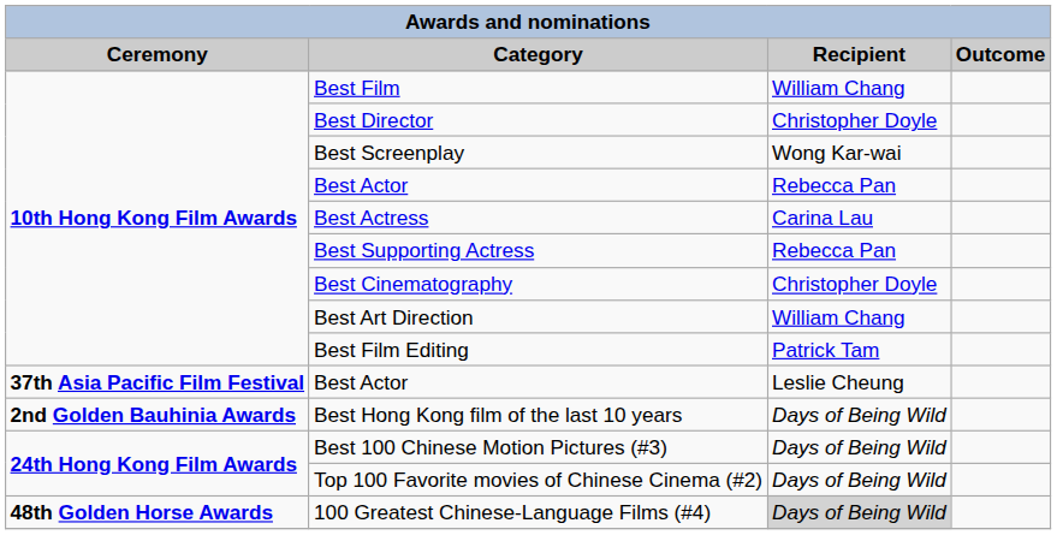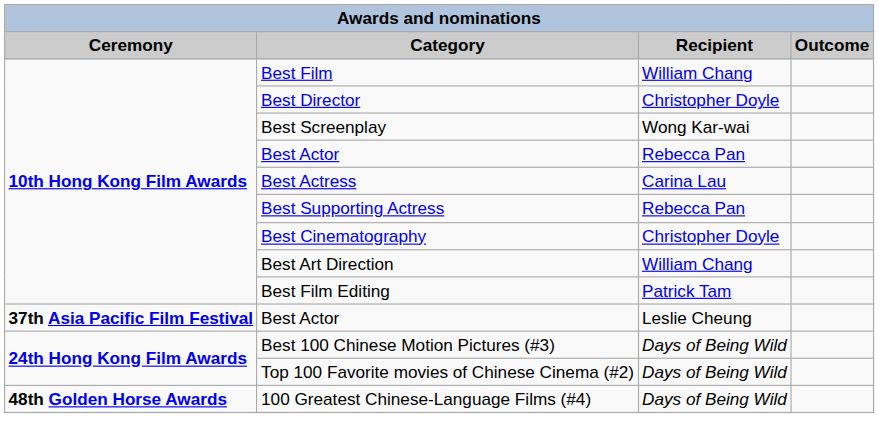 <table class="wikitable" style="font-size:95%;" ;>
 <tr style="background:#ccc; text-align:center;">
 <th colspan="4" style="background: LightSteelBlue;">Awards and nominations</th>
 </tr>
 <tr style="background:#ccc; text-align:center;">
 <th style="background:#ccc">Ceremony</th>
 <th style="background:#ccc">Category</th>
 <th style="background:#ccc">Recipient</th>
 <th style="background:#ccc">Outcome</th>
 </tr>
 <tr>
 <td rowspan=9><strong><a href='#'>10th Hong Kong Film Awards</a></strong></td>
 <td><a href='#'>Best Film</a></td>
 <td><a href='#'>William Chang</a></td>
 <td></td>
 </tr>
 <tr>
 <td><a href='#'>Best Director</a></td>
 <td><a href='#'>Christopher Doyle</a></td>
 <td></td>
 </tr>
 <tr>
 <td>Best Screenplay</td>
 <td>Wong Kar-wai</td>
 <td></td>
 </tr>
 <tr>
 <td><a href='#'>Best Actor</a></td>
 <td><a href='#'>Rebecca Pan</a></td>
 <td></td>
 </tr>
 <tr>
 <td><a href='#'>Best Actress</a></td>
 <td><a href='#'>Carina Lau</a></td>
 <td></td>
 </tr>
 <tr>
 <td><a href='#'>Best Supporting Actress</a></td>
 <td><a href='#'>Rebecca Pan</a></td>
 <td></td>
 </tr>
 <tr>
 <td><a href='#'>Best Cinematography</a></td>
 <td><a href='#'>Christopher Doyle</a></td>
 <td></td>
 </tr>
 <tr>
 <td>Best Art Direction</td>
 <td><a href='#'>William Chang</a></td>
 <td></td>
 </tr>
 <tr>
 <td>Best Film Editing</td>
 <td><a href='#'>Patrick Tam</a></td>
 <td></td>
 </tr>
 <tr>
 <td><strong>37th <a href='#'>Asia Pacific Film Festival</a></strong></td>
 <td>Best Actor</td>
 <td>Leslie Cheung</td>
 <td></td>
 </tr>
 <tr>
-<td><strong>2nd <a href='#'>Golden Bauhinia Awards</a></strong></td>
-<td>Best Hong Kong film of the last 10 years</td>
-<td><em>Days of Being Wild</em></td>
-<td></td>
-</tr>
-<tr>
 <td rowspan=2><strong><a href='#'>24th Hong Kong Film Awards</a></strong></td>
 <td>Best 100 Chinese Motion Pictures (#3)</td>
 <td><em>Days of Being Wild</em></td>
 <td></td>
 </tr>
 <tr>
 <td>Top 100 Favorite movies of Chinese Cinema (#2)</td>
 <td><em>Days of Being Wild</em></td>
 <td></td>
 </tr>
 <tr>
 <td><strong>48th <a href='#'>Golden Horse Awards</a></strong></td>
 <td>100 Greatest Chinese-Language Films (#4)</td>
-<td style="background: lightgrey;"><em>Days of Being Wild</em></td>
+<td><em>Days of Being Wild</em></td>
 <td></td>
 </tr>
 <tr>
 </tr>
 </table>
